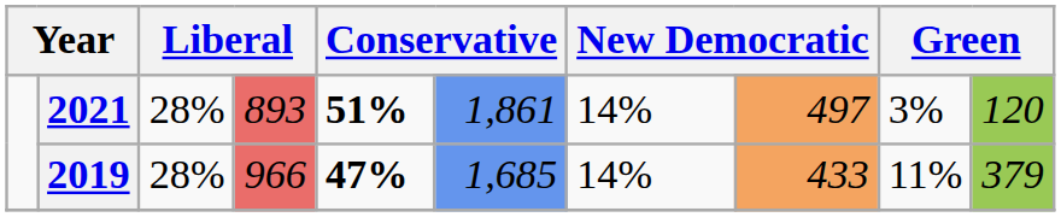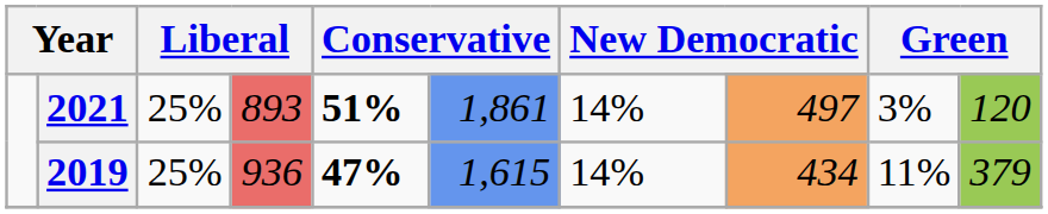 <table class="wikitable" style="width:400; font-size:90%; margin-left:1em;">
 <tr>
 <th colspan="2" scope="col">Year</th>
 <th colspan="2" scope="col"><a href='#'>Liberal</a></th>
 <th colspan="2" scope="col"><a href='#'>Conservative</a></th>
 <th colspan="2" scope="col"><a href='#'>New Democratic</a></th>
 <th colspan="2" scope="col"><a href='#'>Green</a></th>
 </tr>
 <tr>
 <td rowspan="2" style="width: 0.25em; background-color: "></td>
 <th><a href='#'>2021</a></th>
-<td>28%</td>
+<td>25%</td>
 <td style="text-align:right; background:#EA6D6A;"><em>893</em></td>
 <td><strong>51%</strong></td>
 <td style="text-align:right; background:#6495ED;"><em>1,861</em></td>
 <td>14%</td>
 <td style="text-align:right; background:#F4A460;"><em>497</em></td>
 <td>3%</td>
 <td style="text-align:right; background:#99C955;"><em>120</em></td>
 </tr>
 <tr>
 <th><a href='#'>2019</a></th>
-<td>28%</td>
-<td style="text-align:right; background:#EA6D6A;"><em>966</em></td>
+<td>25%</td>
+<td style="text-align:right; background:#EA6D6A;"><em>936</em></td>
 <td><strong>47%</strong></td>
-<td style="text-align:right; background:#6495ED;"><em>1,685</em></td>
+<td style="text-align:right; background:#6495ED;"><em>1,615</em></td>
 <td>14%</td>
-<td style="text-align:right; background:#F4A460;"><em>433</em></td>
+<td style="text-align:right; background:#F4A460;"><em>434</em></td>
 <td>11%</td>
 <td style="text-align:right; background:#99C955;"><em>379</em></td>
 </tr>
 <tr>
 </tr>
 </table>
